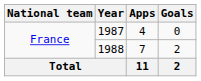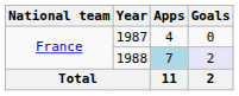 <table class="wikitable" style="text-align:center">
 <tr>
 <th>National team</th>
 <th>Year</th>
 <th>Apps</th>
 <th>Goals</th>
 </tr>
 <tr>
 <td rowspan="2"><a href='#'>France</a></td>
 <td>1987</td>
 <td>4</td>
 <td>0</td>
 </tr>
 <tr>
 <td>1988</td>
-<td>7</td>
-<td>2</td>
+<td style="background: lightblue;">7</td>
+<td style="background: lavender;">2</td>
 </tr>
 <tr>
 <th colspan="2">Total</th>
 <th>11</th>
 <th>2</th>
 </tr>
 </table>
